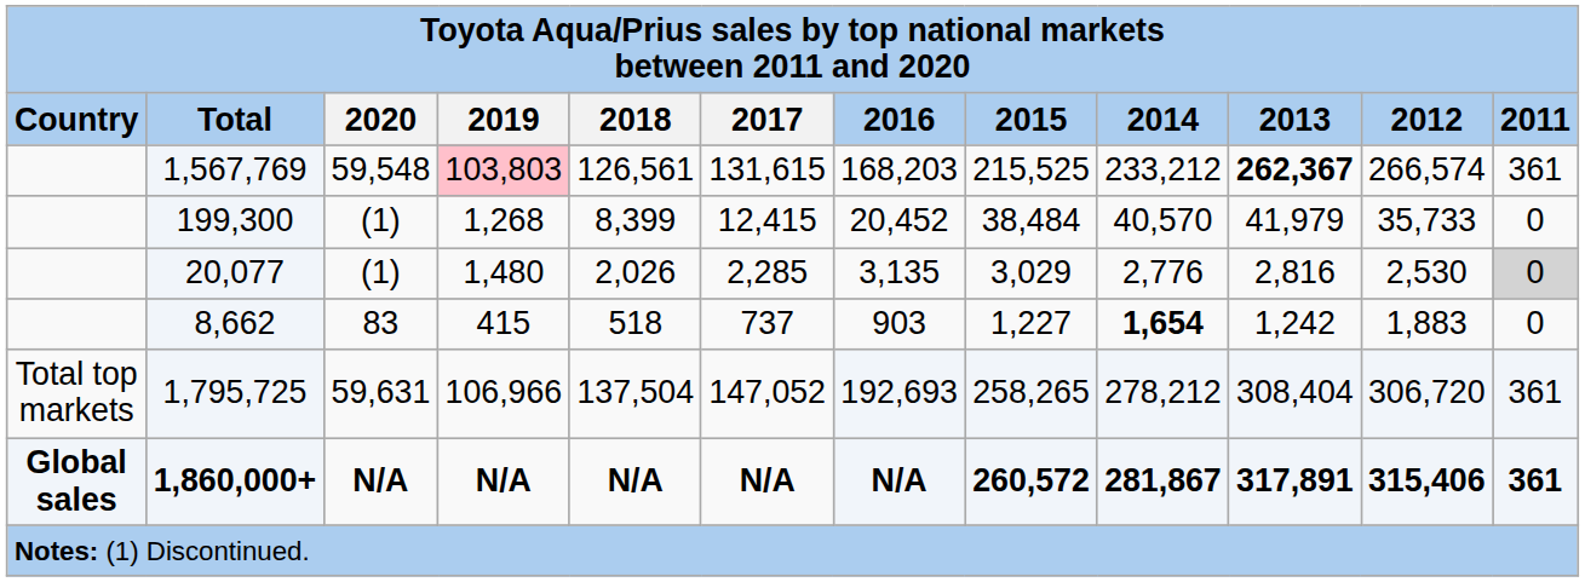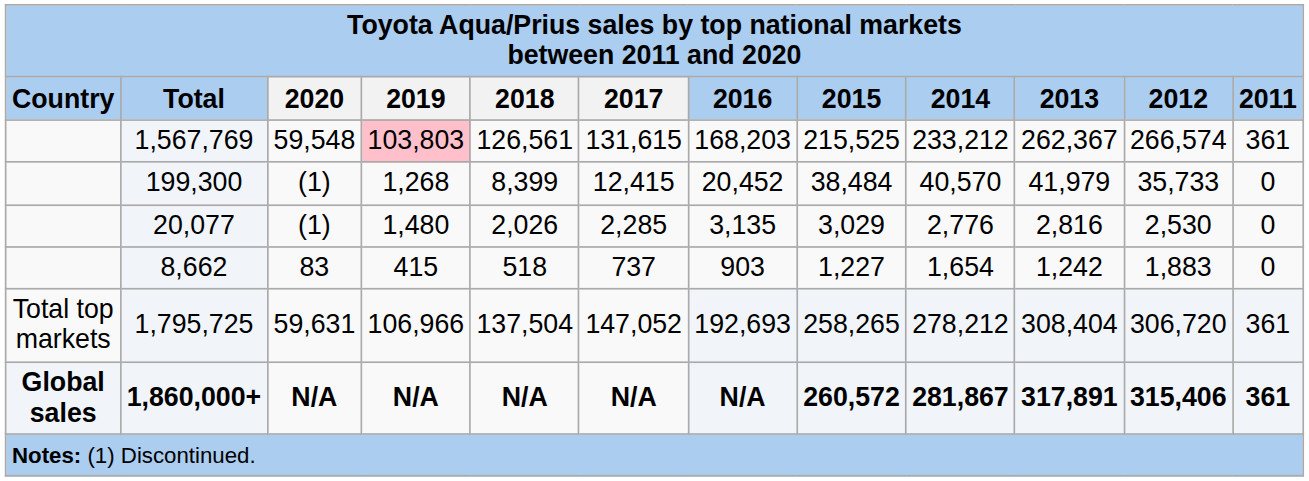 <table class="wikitable"  style="margin:1em auto 1em auto; width:60%;">
 <tr>
 <th colspan="12" style="text-align:center; background:#abcdef;">Toyota Aqua/Prius sales by top national markets<br> between 2011 and 2020</th>
 </tr>
 <tr>
 <th style="background:#abcdef;">Country</th>
 <th style="background:#abcdef;">Total</th>
 <th>2020</th>
 <th>2019</th>
 <th>2018</th>
 <th>2017</th>
 <th style="background:#abcdef;">2016</th>
 <th style="background:#abcdef;">2015</th>
 <th style="background:#abcdef;">2014</th>
 <th style="background:#abcdef;">2013</th>
 <th style="background:#abcdef;">2012</th>
 <th style="background:#abcdef;">2011</th>
 </tr>
 <tr align="center">
 <td align=left></td>
 <td style="background:#f1f5fa;">1,567,769</td>
 <td>59,548</td>
 <td style="background: pink;">103,803</td>
 <td>126,561</td>
 <td>131,615</td>
 <td>168,203</td>
 <td>215,525</td>
 <td>233,212</td>
-<td><strong>262,367</strong></td>
+<td>262,367</td>
 <td>266,574</td>
 <td>361</td>
 </tr>
 <tr align="center">
 <td align=left></td>
 <td style="background:#f1f5fa;">199,300</td>
 <td>(1)</td>
 <td>1,268</td>
 <td>8,399</td>
 <td>12,415</td>
 <td>20,452</td>
 <td>38,484</td>
 <td>40,570</td>
 <td>41,979</td>
 <td>35,733</td>
 <td>0</td>
 </tr>
 <tr align="center">
 <td align=left></td>
 <td style="background:#f1f5fa;">20,077</td>
 <td>(1)</td>
 <td>1,480</td>
 <td>2,026</td>
 <td>2,285</td>
 <td>3,135</td>
 <td>3,029</td>
 <td>2,776</td>
 <td>2,816</td>
 <td>2,530</td>
-<td style="background: lightgrey;">0</td>
+<td>0</td>
 </tr>
 <tr align="center">
 <td align=left></td>
 <td style="background:#f1f5fa;">8,662</td>
 <td>83</td>
 <td>415</td>
 <td>518</td>
 <td>737</td>
 <td>903</td>
 <td>1,227</td>
-<td><strong>1,654</strong></td>
+<td>1,654</td>
 <td>1,242</td>
 <td>1,883</td>
 <td>0</td>
 </tr>
 <tr align="center">
 <td>Total top markets</td>
 <td style="background:#f1f5fa;">1,795,725</td>
 <td>59,631</td>
 <td>106,966</td>
 <td>137,504</td>
 <td>147,052</td>
 <td style="background:#f1f5fa;">192,693</td>
 <td style="background:#f1f5fa;">258,265</td>
 <td style="background:#f1f5fa;">278,212</td>
 <td style="background:#f1f5fa;">308,404</td>
 <td style="background:#f1f5fa;">306,720</td>
 <td style="background:#f1f5fa;">361</td>
 </tr>
 <tr align="center">
 <td style="background:#f1f5fa;"><strong>Global sales</strong></td>
 <td style="background:#f1f5fa;"><strong>1,860,000+</strong></td>
 <td><strong>N/A</strong></td>
 <td><strong>N/A</strong></td>
 <td><strong>N/A</strong></td>
 <td><strong>N/A</strong></td>
 <td style="background:#f1f5fa;"><strong>N/A</strong></td>
 <td style="background:#f1f5fa;"><strong>260,572</strong></td>
 <td style="background:#f1f5fa;"><strong>281,867</strong></td>
 <td style="background:#f1f5fa;"><strong>317,891</strong></td>
 <td style="background:#f1f5fa;"><strong>315,406</strong></td>
 <td style="background:#f1f5fa;"><strong>361</strong></td>
 </tr>
 <tr align="center">
 <td colspan="12" style="text-align:left; background:#abcdef;"><small><strong>Notes:</strong> (1) Discontinued.</small></td>
 </tr>
 </table>
